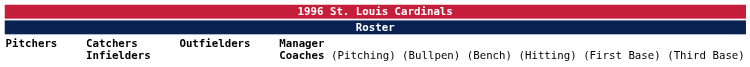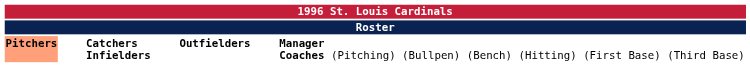 <table class="toccolours" style="font-size: 95%;">
 <tr>
 <th colspan="10" style="background-color: #c41e3a; color: #FFFFFF; text-align: center;">1996 St. Louis Cardinals</th>
 </tr>
 <tr>
 <td colspan="10" style="background-color: #0a2252; color: #FFFFFF; text-align: center;"><strong>Roster</strong></td>
 </tr>
 <tr>
-<td valign="top"><strong>Pitchers</strong><br>                 </td>
+<td valign="top" style="background: lightsalmon;"><strong>Pitchers</strong><br>                 </td>
 <td width="25px"></td>
 <td valign="top"><strong>Catchers</strong><br>   <strong>Infielders</strong>          </td>
 <td width="25px"></td>
 <td valign="top"><strong>Outfielders</strong><br>      </td>
 <td width="25px"></td>
 <td valign="top"><strong>Manager</strong><br> <strong>Coaches</strong>  (Pitching)  (Bullpen)  (Bench)  (Hitting)  (First Base)  (Third Base)</td>
 </tr>
 </table>
